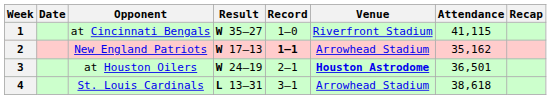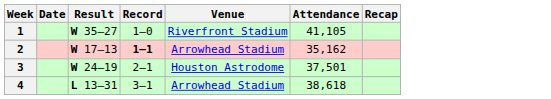 <table class="wikitable" style="text-align:center">
 <tr>
 <th>Week</th>
 <th>Date</th>
-<th>Opponent</th>
 <th>Result</th>
 <th>Record</th>
 <th>Venue</th>
 <th>Attendance</th>
 <th>Recap</th>
 </tr>
 <tr style="background:#cfc">
 <th>1</th>
 <td></td>
-<td>at <a href='#'>Cincinnati Bengals</a></td>
 <td><strong>W</strong> 35–27</td>
 <td>1–0</td>
 <td><a href='#'>Riverfront Stadium</a></td>
-<td>41,115</td>
+<td>41,105</td>
 <td></td>
 </tr>
 <tr style="background:#fcc">
 <th>2</th>
 <td></td>
-<td><a href='#'>New England Patriots</a></td>
 <td><strong>W</strong> 17–13</td>
 <td><strong>1–1</strong></td>
 <td><a href='#'>Arrowhead Stadium</a></td>
 <td>35,162</td>
 <td></td>
 </tr>
 <tr style="background:#cfc">
 <th>3</th>
 <td></td>
-<td>at <a href='#'>Houston Oilers</a></td>
 <td><strong>W</strong> 24–19</td>
 <td>2–1</td>
-<td><strong><a href='#'>Houston Astrodome</a></strong></td>
-<td>36,501</td>
+<td><a href='#'>Houston Astrodome</a></td>
+<td>37,501</td>
 <td></td>
 </tr>
 <tr style="background:#cfc">
 <th>4</th>
 <td></td>
-<td><a href='#'>St. Louis Cardinals</a></td>
 <td><strong>L</strong> 13–31</td>
 <td>3–1</td>
 <td><a href='#'>Arrowhead Stadium</a></td>
 <td>38,618</td>
 <td></td>
 </tr>
 </table>
